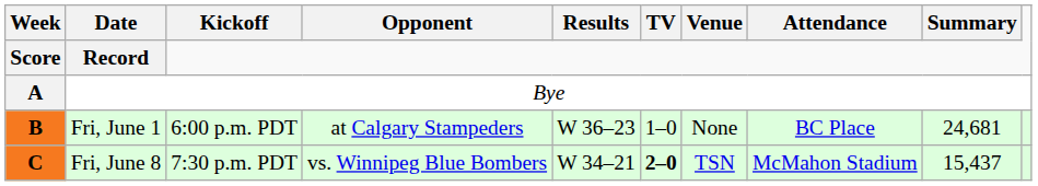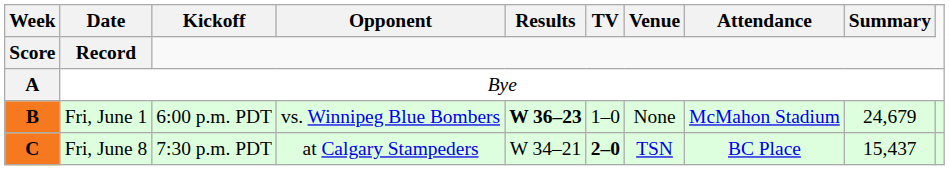 <table class="wikitable" style="font-size: 95%;">
 <tr>
 <th scope="col">Week</th>
 <th scope="col">Date</th>
 <th scope="col">Kickoff</th>
 <th scope="col">Opponent</th>
 <th scope="col">Results</th>
 <th scope="col">TV</th>
 <th scope="col">Venue</th>
 <th scope="col">Attendance</th>
 <th scope="col">Summary</th>
 </tr>
 <tr>
 <th scope="col">Score</th>
 <th scope="col">Record</th>
 </tr>
 <tr align="center" bgcolor="#ffffff">
 <th align="center"><strong>A</strong></th>
 <td colspan=9 align="center" valign="middle"><em>Bye</em></td>
 </tr>
 <tr align="center" bgcolor="ddffdd">
 <th style="text-align:center; background:#F6791F;"><span><strong>B</strong></span></th>
 <td align="center">Fri, June 1</td>
 <td align="center">6:00 p.m. PDT</td>
-<td align="center">at <a href='#'>Calgary Stampeders</a></td>
-<td align="center">W 36–23</td>
+<td align="center">vs. <a href='#'>Winnipeg Blue Bombers</a></td>
+<td align="center"><strong>W 36–23</strong></td>
 <td align="center">1–0</td>
 <td align="center">None</td>
-<td align="center"><a href='#'>BC Place</a></td>
-<td align="center">24,681</td>
+<td align="center"><a href='#'>McMahon Stadium</a></td>
+<td align="center">24,679</td>
 <td align="center"></td>
 </tr>
 <tr align="center" bgcolor="ddffdd">
 <th style="text-align:center; background:#F6791F;"><span><strong>C</strong></span></th>
 <td align="center">Fri, June 8</td>
 <td align="center">7:30 p.m. PDT</td>
-<td align="center">vs. <a href='#'>Winnipeg Blue Bombers</a></td>
+<td align="center">at <a href='#'>Calgary Stampeders</a></td>
 <td align="center">W 34–21</td>
 <td align="center"><strong>2–0</strong></td>
 <td align="center"><a href='#'>TSN</a></td>
-<td align="center"><a href='#'>McMahon Stadium</a></td>
+<td align="center"><a href='#'>BC Place</a></td>
 <td align="center">15,437</td>
 <td align="center"></td>
 </tr>
 </table>
